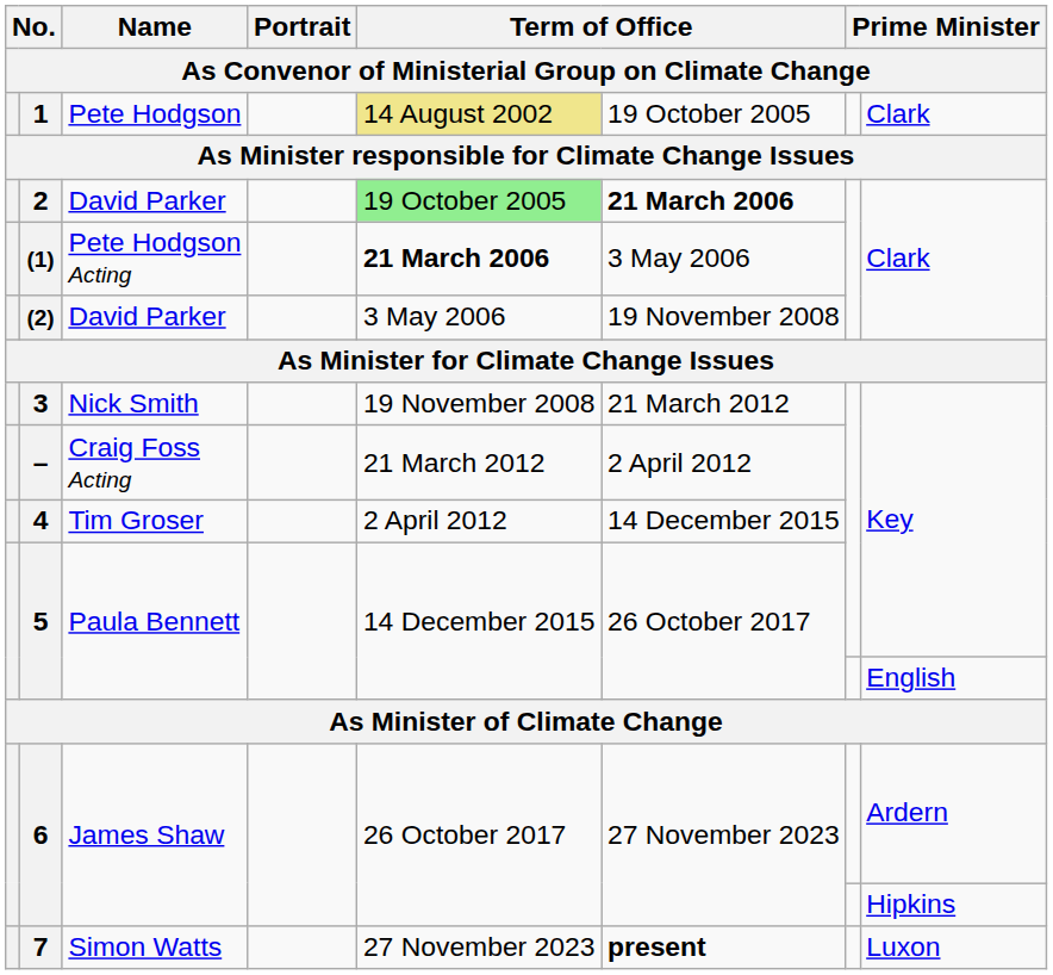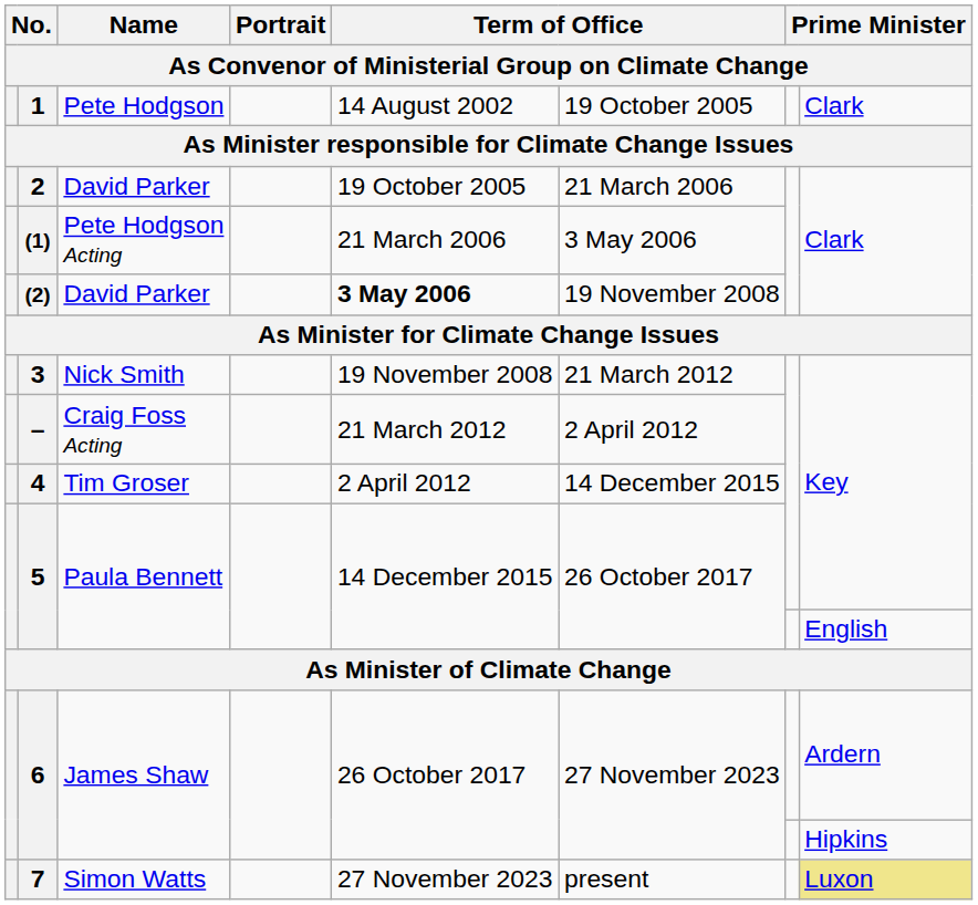 <table class="wikitable">
 <tr>
 <th colspan=2>No.</th>
 <th>Name</th>
 <th>Portrait</th>
 <th colspan=2>Term of Office</th>
 <th colspan=2>Prime Minister</th>
 </tr>
 <tr>
 <th colspan=8>As Convenor of Ministerial Group on Climate Change</th>
 </tr>
 <tr>
 <th style="color:inherit;background:"></th>
 <th>1</th>
 <td><a href='#'>Pete Hodgson</a></td>
 <td></td>
-<td style="background: khaki;">14 August 2002</td>
+<td>14 August 2002</td>
 <td>19 October 2005</td>
 <td style="color:inherit;background:"></td>
 <td><a href='#'>Clark</a></td>
 </tr>
 <tr>
 <th colspan=8>As Minister responsible for Climate Change Issues</th>
 </tr>
 <tr>
 <th style="color:inherit;background:"></th>
 <th>2</th>
 <td><a href='#'>David Parker</a></td>
 <td></td>
-<td style="background: lightgreen;">19 October 2005</td>
-<td><strong>21 March 2006</strong></td>
+<td>19 October 2005</td>
+<td>21 March 2006</td>
 <td width=1 rowspan=3 style="color:inherit;background:"></td>
 <td rowspan=3><a href='#'>Clark</a></td>
 </tr>
 <tr>
 <th style="color:inherit;background:"></th>
 <th><small>(1)</small></th>
 <td><a href='#'>Pete Hodgson</a><br><em><small>Acting</small></em></td>
 <td></td>
-<td><strong>21 March 2006</strong></td>
+<td>21 March 2006</td>
 <td>3 May 2006</td>
 </tr>
 <tr>
 <th style="color:inherit;background:"></th>
 <th><small>(2)</small></th>
 <td><a href='#'>David Parker</a></td>
 <td></td>
-<td>3 May 2006</td>
+<td><strong>3 May 2006</strong></td>
 <td>19 November 2008</td>
 </tr>
 <tr>
 <th colspan=8>As Minister for Climate Change Issues</th>
 </tr>
 <tr>
 <th style="color:inherit;background:"></th>
 <th>3</th>
 <td><a href='#'>Nick Smith</a></td>
 <td></td>
 <td>19 November 2008</td>
 <td>21 March 2012</td>
 <td rowspan="4" style="color:inherit;background:"></td>
 <td rowspan="4"><a href='#'>Key</a></td>
 </tr>
 <tr>
 <th style="color:inherit;background:"></th>
 <th>–</th>
 <td><a href='#'>Craig Foss</a><br><em><small>Acting</small></em></td>
 <td></td>
 <td>21 March 2012</td>
 <td>2 April 2012</td>
 </tr>
 <tr>
 <th style="color:inherit;background:"></th>
 <th>4</th>
 <td><a href='#'>Tim Groser</a></td>
 <td></td>
 <td>2 April 2012</td>
 <td>14 December 2015</td>
 </tr>
 <tr>
 <th height=60 style="border-bottom:solid 0 grey; background:"></th>
 <th rowspan=2>5</th>
 <td rowspan=2><a href='#'>Paula Bennett</a></td>
 <td rowspan=2></td>
 <td rowspan=2>14 December 2015</td>
 <td rowspan=2>26 October 2017</td>
 </tr>
 <tr>
 <th height=15 style="border-top:solid 0 grey; background:"></th>
 <td style="color:inherit;background:"></td>
 <td><a href='#'>English</a></td>
 </tr>
 <tr>
 <th colspan=8>As Minister of Climate Change</th>
 </tr>
 <tr>
 <th height=75 style="border-bottom:solid 0 grey; background:"></th>
 <th rowspan="2">6</th>
 <td rowspan="2"><a href='#'>James Shaw</a></td>
 <td rowspan="2"></td>
 <td rowspan="2">26 October 2017</td>
 <td rowspan="2">27 November 2023</td>
 <td height=15 style="color:inherit;background:"></td>
 <td><a href='#'>Ardern</a></td>
 </tr>
 <tr>
 <th height=15 style="border-top:solid 0 grey; background:"></th>
 <td style="color:inherit;background:"></td>
 <td><a href='#'>Hipkins</a></td>
 </tr>
 <tr>
 <th style="color:inherit;background:"></th>
 <th>7</th>
 <td><a href='#'>Simon Watts</a></td>
 <td></td>
 <td>27 November 2023</td>
-<td><strong>present</strong></td>
+<td>present</td>
 <td style="color:inherit;background:"></td>
-<td><a href='#'>Luxon</a></td>
+<td style="background: khaki;"><a href='#'>Luxon</a></td>
 </tr>
 </table>
